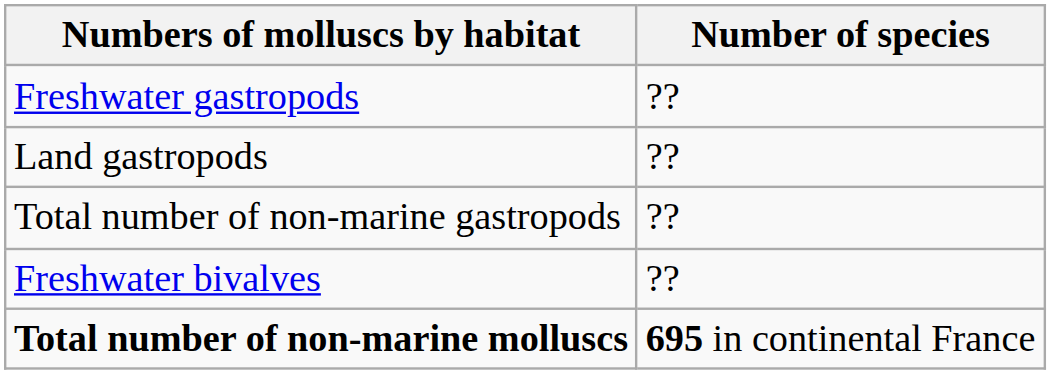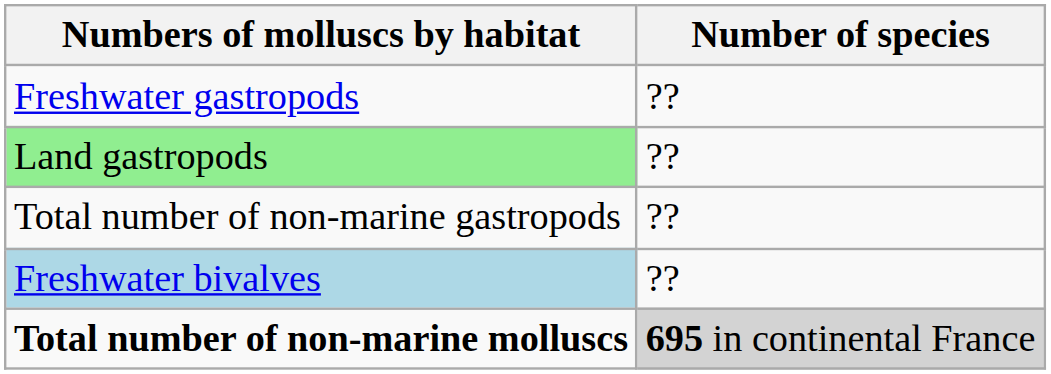 <table class="wikitable">
 <tr>
 <th>Numbers of molluscs by habitat</th>
 <th>Number of species</th>
 </tr>
 <tr>
 <td><a href='#'>Freshwater gastropods</a></td>
 <td>??</td>
 </tr>
 <tr>
-<td>Land gastropods</td>
+<td style="background: lightgreen;">Land gastropods</td>
 <td>??</td>
 </tr>
 <tr>
 <td>Total number of non-marine gastropods</td>
 <td>??</td>
 </tr>
 <tr>
-<td><a href='#'>Freshwater bivalves</a></td>
+<td style="background: lightblue;"><a href='#'>Freshwater bivalves</a></td>
 <td>??</td>
 </tr>
 <tr>
 <td><strong>Total number of non-marine molluscs</strong></td>
-<td><strong>695</strong> in continental France</td>
+<td style="background: lightgrey;"><strong>695</strong> in continental France</td>
 </tr>
 </table>
